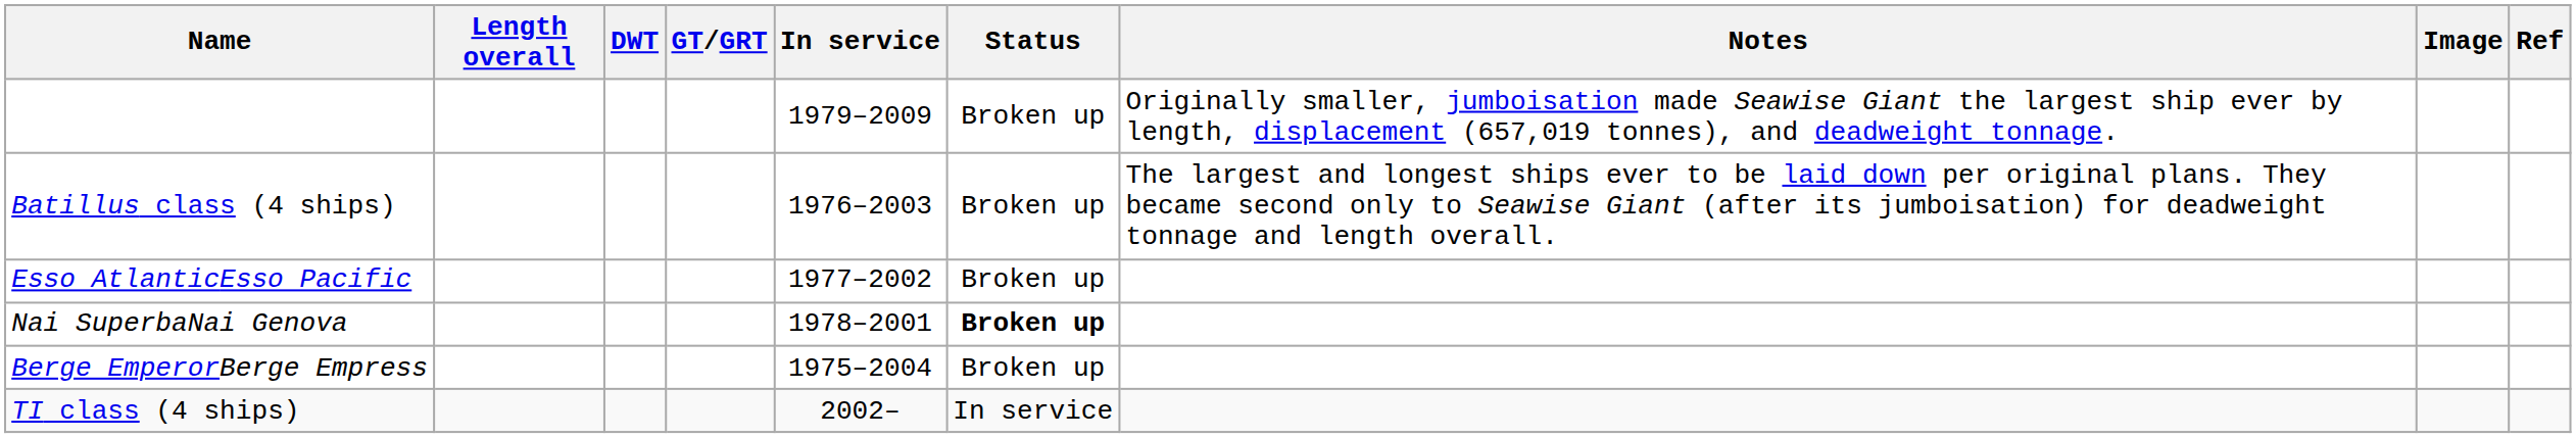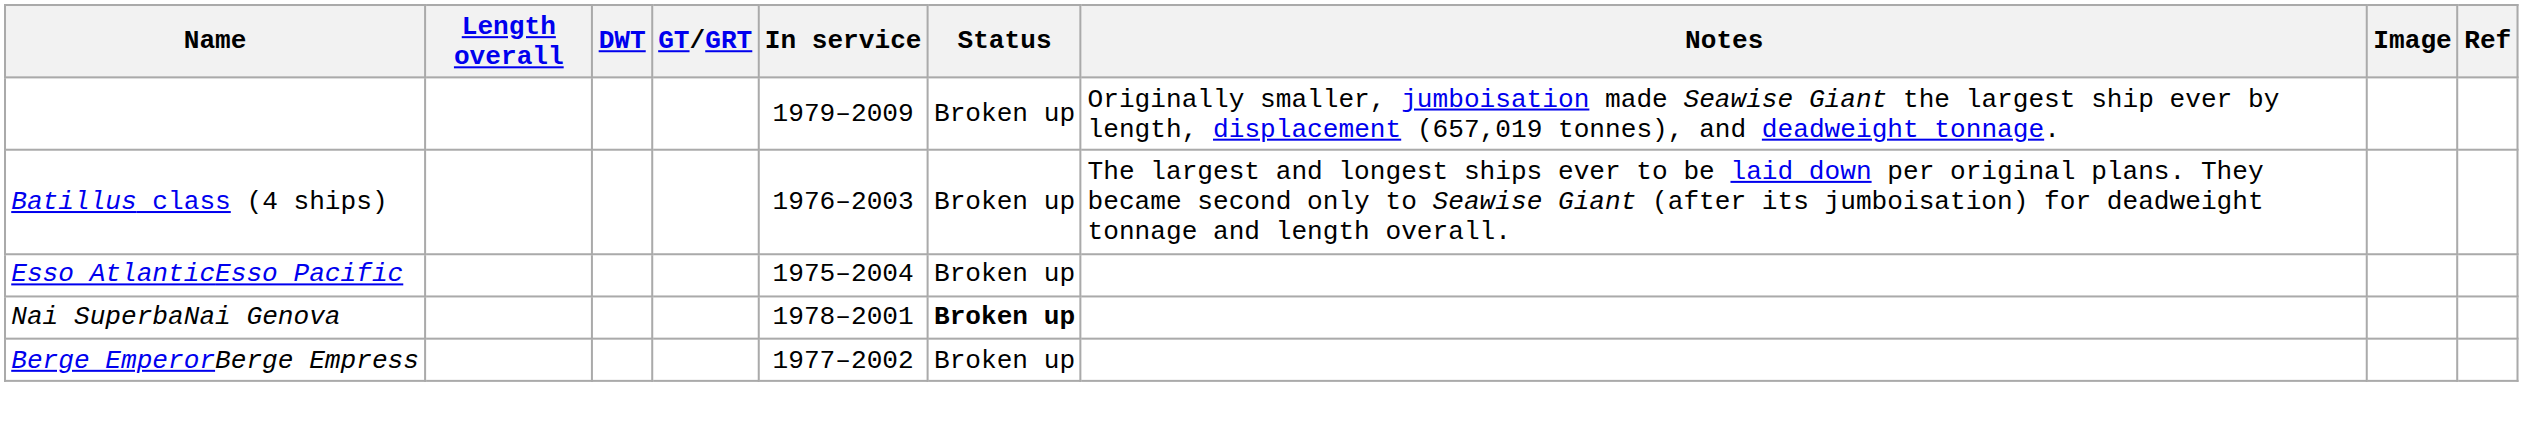 <table class="sortable wikitable">
 <tr>
 <th align="left">Name</th>
 <th><a href='#'>Length overall</a></th>
 <th data-sort-type="number"><a href='#'>DWT</a></th>
 <th><a href='#'>GT</a>/<a href='#'>GRT</a></th>
 <th style="white-space:nowrap">In service</th>
 <th>Status</th>
 <th class="unsortable">Notes</th>
 <th class="unsortable">Image</th>
 <th class="unsortable">Ref</th>
 </tr>
 <tr style="background:#FFFFFF;">
 <td style="white-space:nowrap"><em></em></td>
 <td align="center"></td>
 <td style="white-space:nowrap" align="center"></td>
 <td style="white-space:nowrap" align="center"></td>
 <td style="white-space:nowrap" align="center">1979–2009</td>
 <td style="white-space:nowrap" align="center">Broken up</td>
 <td>Originally smaller, <a href='#'>jumboisation</a> made <em>Seawise Giant</em> the largest ship ever by length, <a href='#'>displacement</a> (657,019 tonnes), and <a href='#'>deadweight tonnage</a>.</td>
 <td></td>
 <td align="center"></td>
 </tr>
 <tr style="background:#FFFFFF;">
 <td><a href='#'><em>Batillus</em> class</a> (4 ships)</td>
 <td align="center"></td>
 <td style="white-space:nowrap" align="center"></td>
 <td style="white-space:nowrap" align="center"></td>
 <td style="white-space:nowrap" align="center">1976–2003</td>
 <td style="white-space:nowrap" align="center">Broken up</td>
 <td>The largest and longest ships ever to be <a href='#'>laid down</a> per original plans. They became second only to <em>Seawise Giant</em> (after its jumboisation) for deadweight tonnage and length overall.</td>
 <td></td>
 <td align="center"><br>    </td>
 </tr>
 <tr style="background:#FFFFFF;">
 <td style="white-space:nowrap"><a href='#'><em>Esso Atlantic</em></a><a href='#'><em>Esso Pacific</em></a></td>
 <td align="center"></td>
 <td style="white-space:nowrap" align="center"></td>
 <td style="white-space:nowrap" align="center"></td>
-<td style="white-space:nowrap" align="center">1977–2002</td>
+<td style="white-space:nowrap" align="center">1975–2004</td>
 <td style="white-space:nowrap" align="center">Broken up</td>
 <td></td>
 <td></td>
 <td align="center"></td>
 </tr>
 <tr style="background:#FFFFFF;">
 <td style="white-space:nowrap"><em>Nai Superba</em><em>Nai Genova</em></td>
 <td align="center"></td>
 <td style="white-space:nowrap" align="center"></td>
 <td style="white-space:nowrap" align="center"></td>
 <td style="white-space:nowrap" align="center">1978–2001</td>
 <td style="white-space:nowrap" align="center"><strong>Broken up</strong></td>
 <td></td>
 <td></td>
 <td align="center"><br> </td>
 </tr>
 <tr style="background:#FFFFFF;">
 <td style="white-space:nowrap"><em><a href='#'>Berge Emperor</a></em><em>Berge Empress</em></td>
 <td align="center"></td>
 <td style="white-space:nowrap" align="center"></td>
 <td style="white-space:nowrap" align="center"></td>
-<td style="white-space:nowrap" align="center">1975–2004</td>
+<td style="white-space:nowrap" align="center">1977–2002</td>
 <td style="white-space:nowrap" align="center">Broken up</td>
 <td></td>
 <td></td>
 <td align="center"><br> </td>
 </tr>
-<tr>
-<td><a href='#'><em>TI</em> class</a> (4 ships)</td>
-<td align="center"></td>
-<td style="white-space:nowrap" align="center"></td>
-<td style="white-space:nowrap" align="center"></td>
-<td style="white-space:nowrap" align="center">2002–</td>
-<td style="white-space:nowrap" align="center">In service</td>
-<td></td>
-<td></td>
-<td align="center"></td>
-</tr>
 </table>
